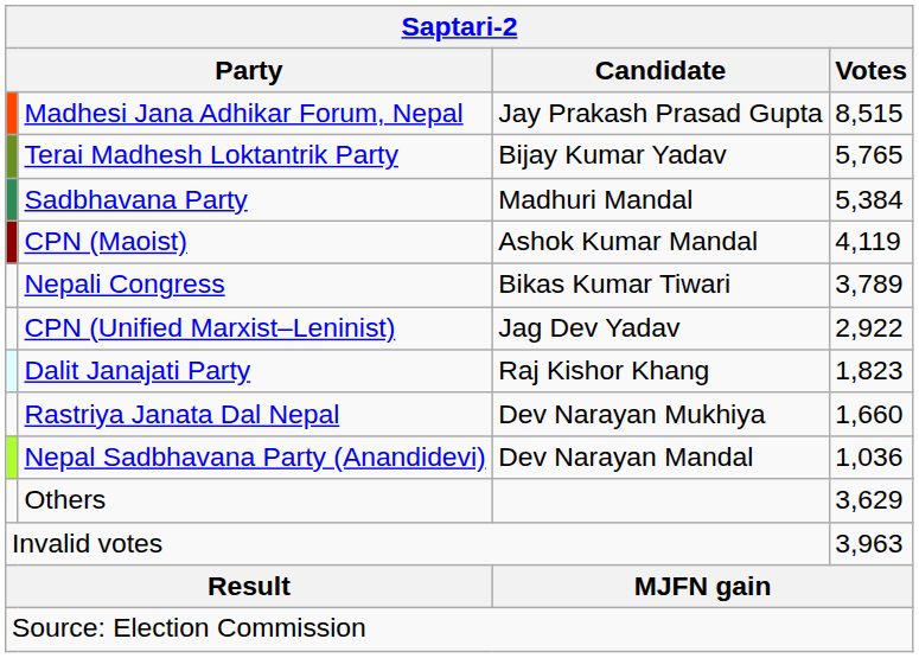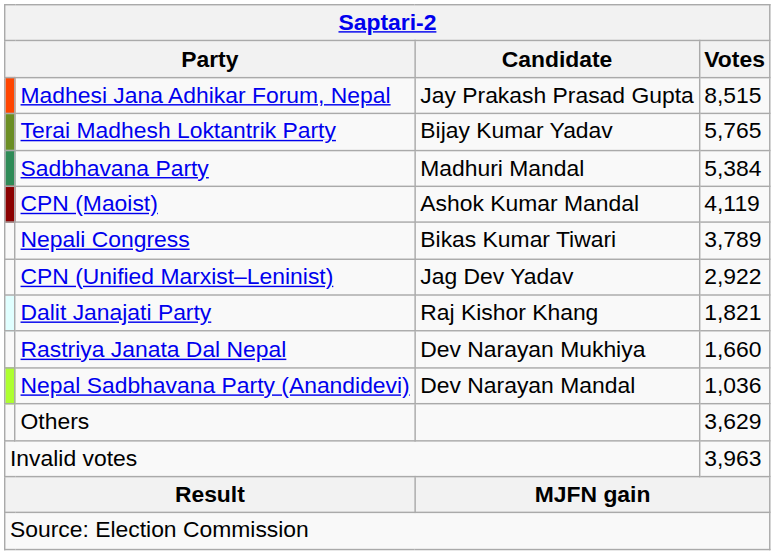 <table class="wikitable">
 <tr>
 <th colspan="4"><a href='#'>Saptari-2</a></th>
 </tr>
 <tr>
 <th colspan="2">Party</th>
 <th>Candidate</th>
 <th>Votes</th>
 </tr>
 <tr>
 <td style="background-color:orangered"></td>
 <td><a href='#'>Madhesi Jana Adhikar Forum, Nepal</a></td>
 <td>Jay Prakash Prasad Gupta</td>
 <td>8,515</td>
 </tr>
 <tr>
 <td style="background-color:olivedrab"></td>
 <td><a href='#'>Terai Madhesh Loktantrik Party</a></td>
 <td>Bijay Kumar Yadav</td>
 <td>5,765</td>
 </tr>
 <tr>
 <td style="background-color:seagreen"></td>
 <td><a href='#'>Sadbhavana Party</a></td>
 <td>Madhuri Mandal</td>
 <td>5,384</td>
 </tr>
 <tr>
 <td style="background-color:darkred"></td>
 <td><a href='#'>CPN (Maoist)</a></td>
 <td>Ashok Kumar Mandal</td>
 <td>4,119</td>
 </tr>
 <tr>
 <td style="background-color:"></td>
 <td><a href='#'>Nepali Congress</a></td>
 <td>Bikas Kumar Tiwari</td>
 <td>3,789</td>
 </tr>
 <tr>
 <td style="background-color:"></td>
 <td><a href='#'>CPN (Unified Marxist–Leninist)</a></td>
 <td>Jag Dev Yadav</td>
 <td>2,922</td>
 </tr>
 <tr>
 <td style="background-color:#e0ffff"></td>
 <td><a href='#'>Dalit Janajati Party</a></td>
 <td>Raj Kishor Khang</td>
-<td>1,823</td>
+<td>1,821</td>
 </tr>
 <tr>
 <td></td>
 <td><a href='#'>Rastriya Janata Dal Nepal</a></td>
 <td>Dev Narayan Mukhiya</td>
 <td>1,660</td>
 </tr>
 <tr>
 <td style="background-color:greenyellow"></td>
 <td><a href='#'>Nepal Sadbhavana Party (Anandidevi)</a></td>
 <td>Dev Narayan Mandal</td>
 <td>1,036</td>
 </tr>
 <tr>
 <td></td>
 <td>Others</td>
 <td></td>
 <td>3,629</td>
 </tr>
 <tr>
 <td colspan="3">Invalid votes</td>
 <td>3,963</td>
 </tr>
 <tr>
 <th colspan="2">Result</th>
 <th colspan="2">MJFN gain</th>
 </tr>
 <tr>
 <td colspan="4">Source: Election Commission</td>
 </tr>
 </table>
